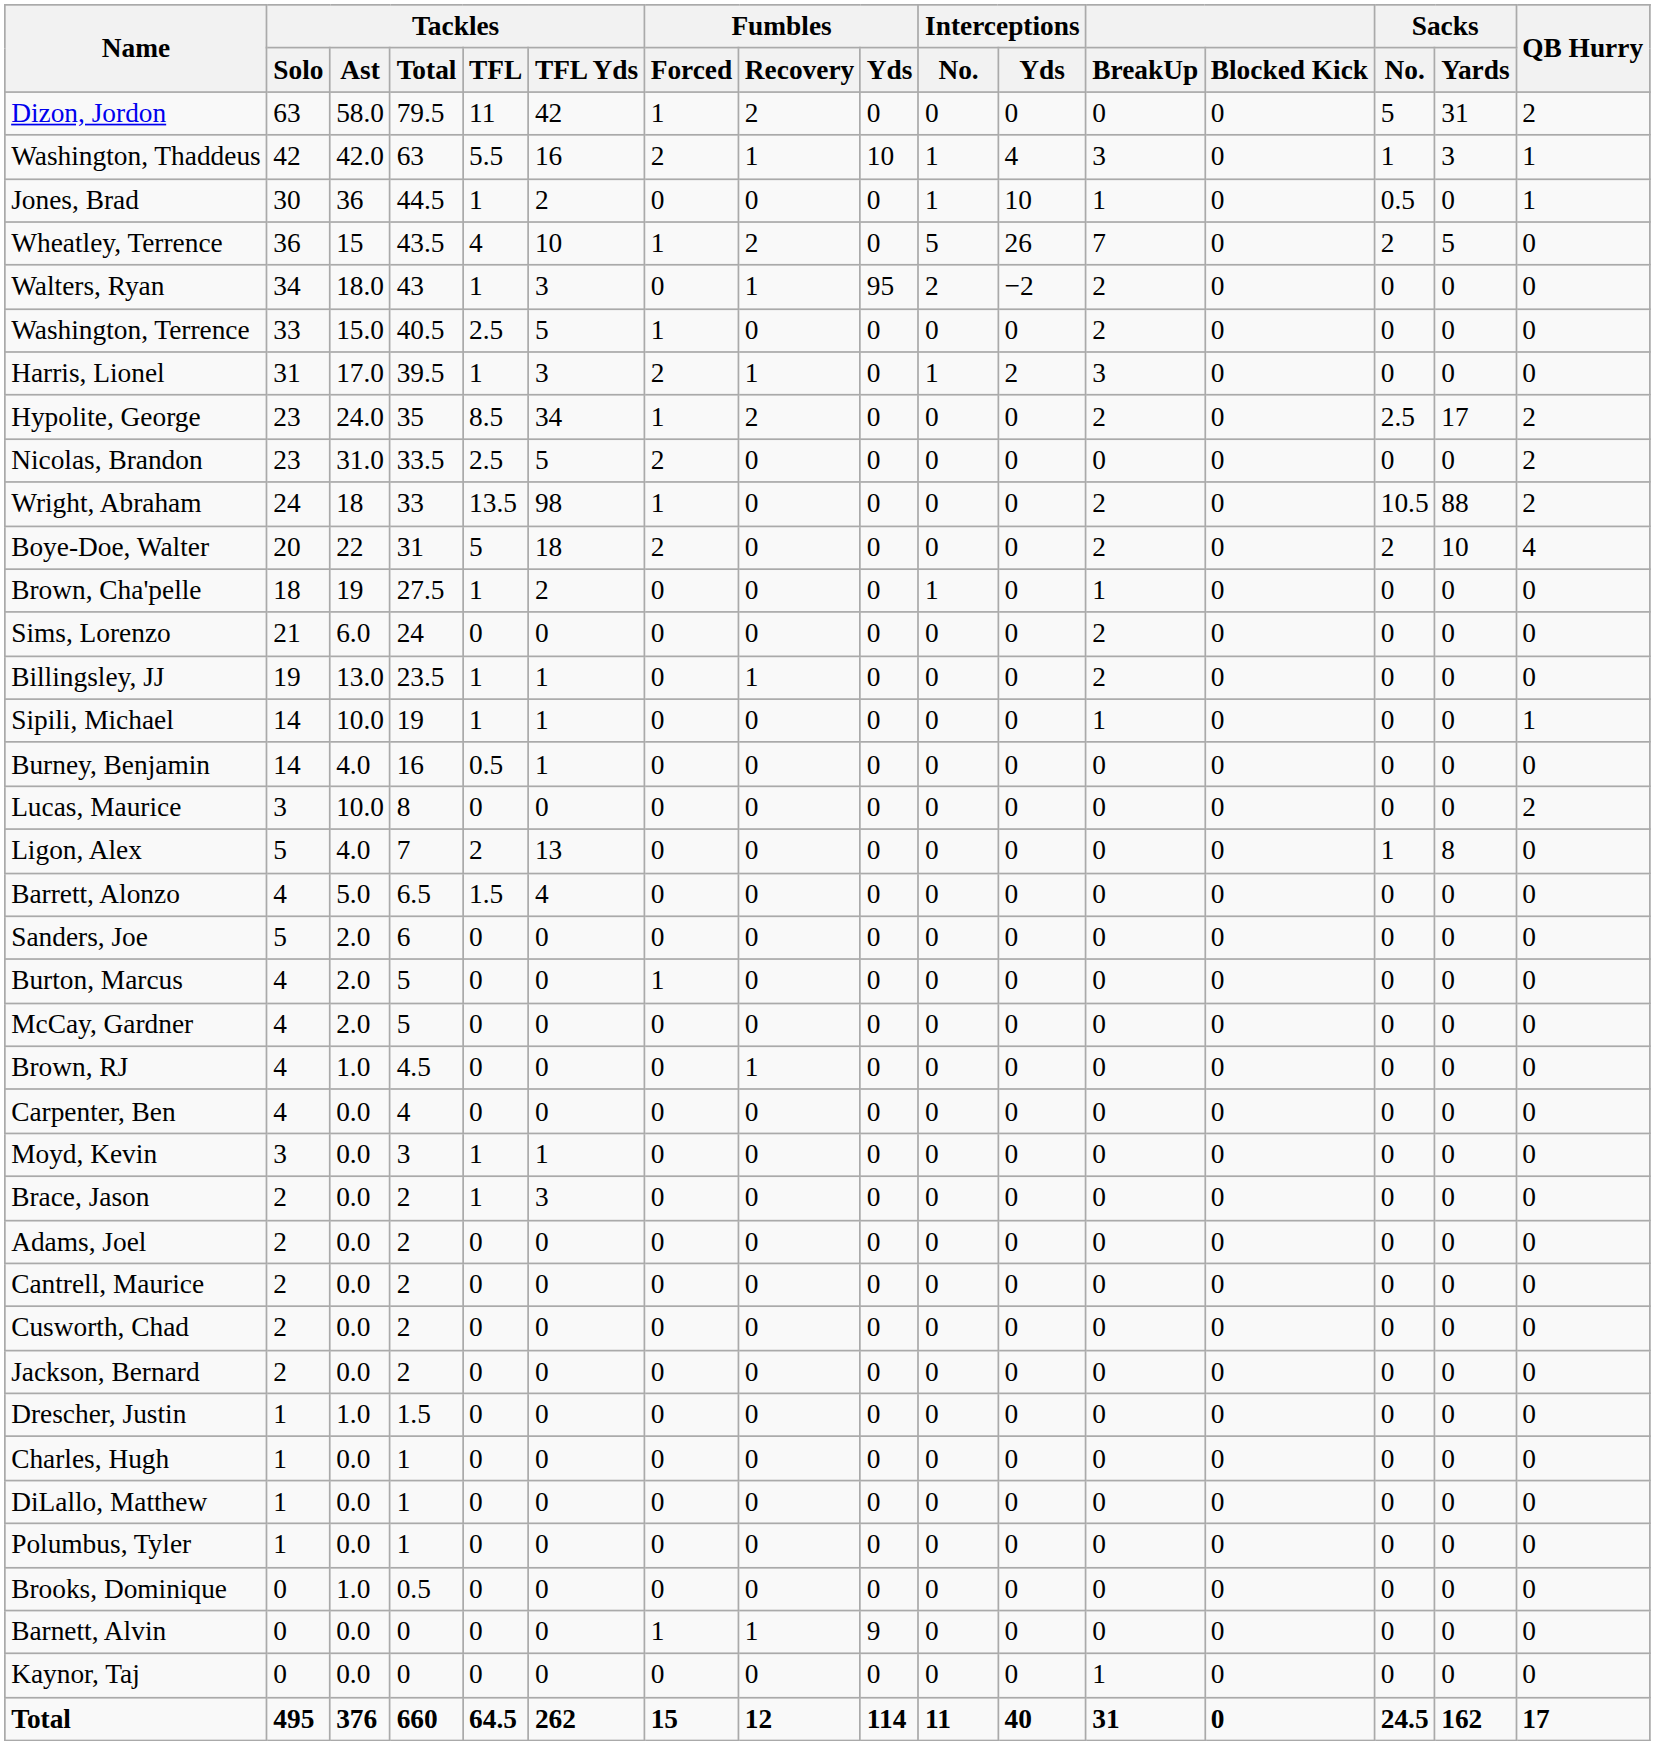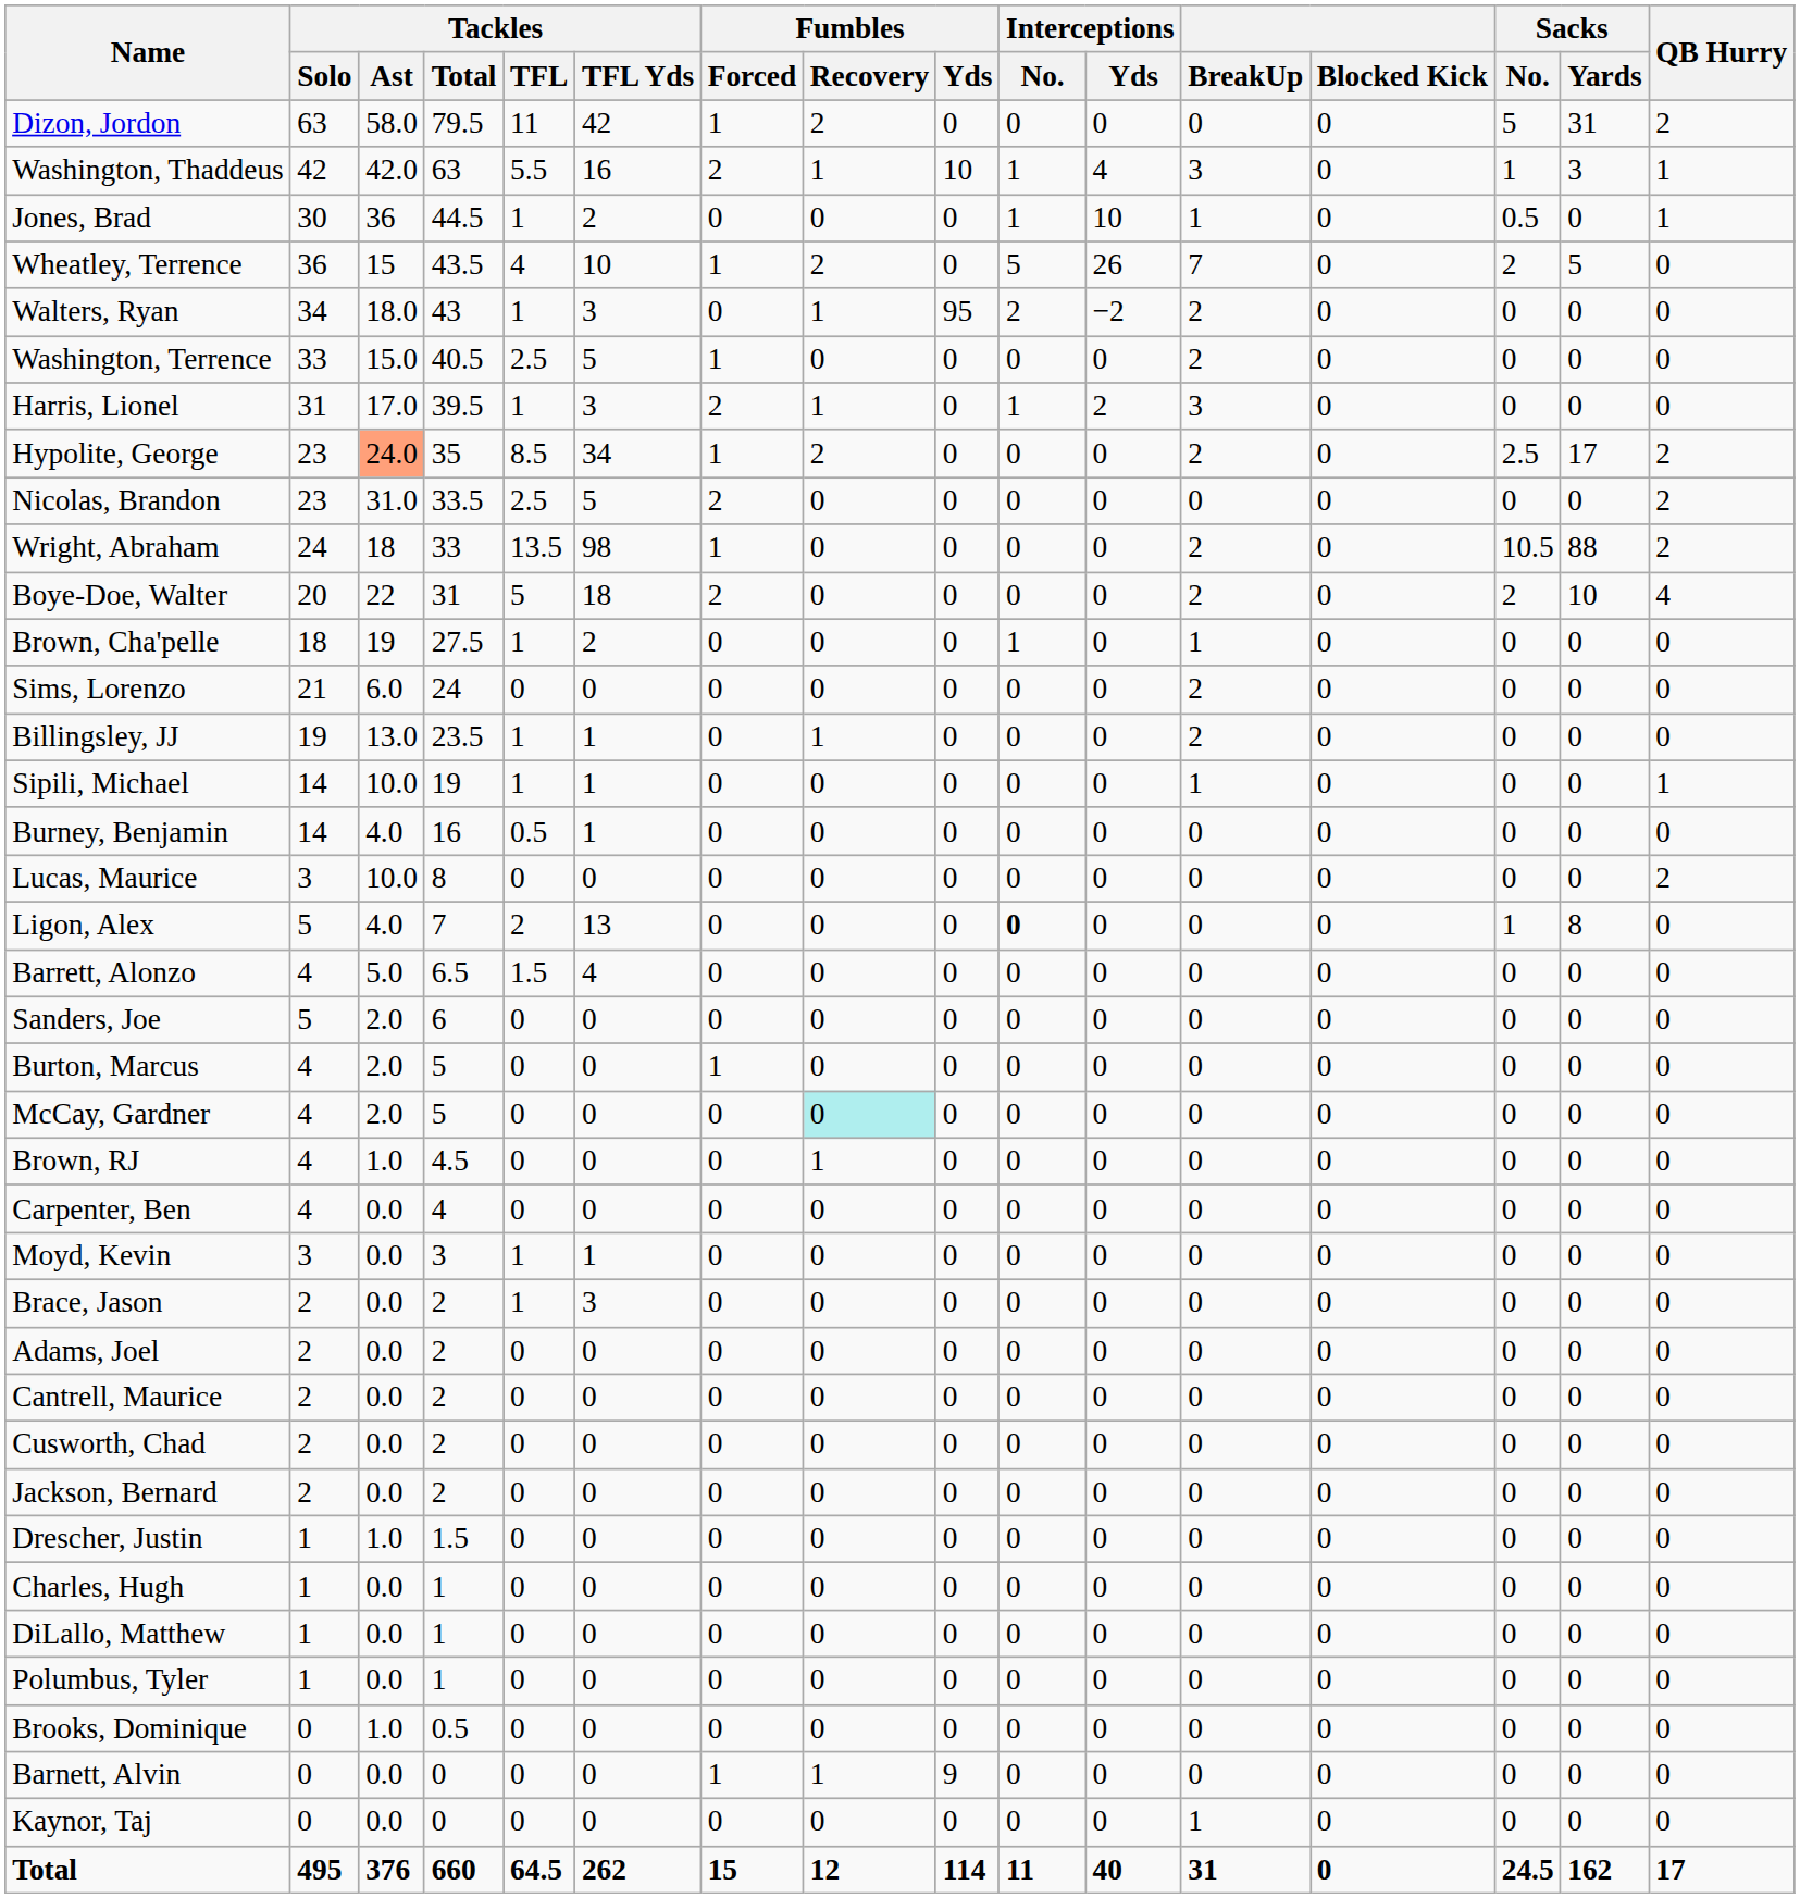 <table class="wikitable" style="white-space:nowrap;">
 <tr>
 <th rowspan="2">Name</th>
 <th colspan="5">Tackles</th>
 <th colspan="3">Fumbles</th>
 <th colspan="2">Interceptions</th>
 <th colspan="2"></th>
 <th colspan="2">Sacks</th>
 <th rowspan="2">QB Hurry</th>
 </tr>
 <tr>
 <th>Solo</th>
 <th>Ast</th>
 <th>Total</th>
 <th>TFL</th>
 <th>TFL Yds</th>
 <th>Forced</th>
 <th>Recovery</th>
 <th>Yds</th>
 <th>No.</th>
 <th>Yds</th>
 <th>BreakUp</th>
 <th>Blocked Kick</th>
 <th>No.</th>
 <th>Yards</th>
 </tr>
 <tr>
 <td><a href='#'>Dizon, Jordon</a></td>
 <td>63</td>
 <td>58.0</td>
 <td>79.5</td>
 <td>11</td>
 <td>42</td>
 <td>1</td>
 <td>2</td>
 <td>0</td>
 <td>0</td>
 <td>0</td>
 <td>0</td>
 <td>0</td>
 <td>5</td>
 <td>31</td>
 <td>2</td>
 </tr>
 <tr>
 <td>Washington, Thaddeus</td>
 <td>42</td>
 <td>42.0</td>
 <td>63</td>
 <td>5.5</td>
 <td>16</td>
 <td>2</td>
 <td>1</td>
 <td>10</td>
 <td>1</td>
 <td>4</td>
 <td>3</td>
 <td>0</td>
 <td>1</td>
 <td>3</td>
 <td>1</td>
 </tr>
 <tr>
 <td>Jones, Brad</td>
 <td>30</td>
 <td>36</td>
 <td>44.5</td>
 <td>1</td>
 <td>2</td>
 <td>0</td>
 <td>0</td>
 <td>0</td>
 <td>1</td>
 <td>10</td>
 <td>1</td>
 <td>0</td>
 <td>0.5</td>
 <td>0</td>
 <td>1</td>
 </tr>
 <tr>
 <td>Wheatley, Terrence</td>
 <td>36</td>
 <td>15</td>
 <td>43.5</td>
 <td>4</td>
 <td>10</td>
 <td>1</td>
 <td>2</td>
 <td>0</td>
 <td>5</td>
 <td>26</td>
 <td>7</td>
 <td>0</td>
 <td>2</td>
 <td>5</td>
 <td>0</td>
 </tr>
 <tr>
 <td>Walters, Ryan</td>
 <td>34</td>
 <td>18.0</td>
 <td>43</td>
 <td>1</td>
 <td>3</td>
 <td>0</td>
 <td>1</td>
 <td>95</td>
 <td>2</td>
 <td>−2</td>
 <td>2</td>
 <td>0</td>
 <td>0</td>
 <td>0</td>
 <td>0</td>
 </tr>
 <tr>
 <td>Washington, Terrence</td>
 <td>33</td>
 <td>15.0</td>
 <td>40.5</td>
 <td>2.5</td>
 <td>5</td>
 <td>1</td>
 <td>0</td>
 <td>0</td>
 <td>0</td>
 <td>0</td>
 <td>2</td>
 <td>0</td>
 <td>0</td>
 <td>0</td>
 <td>0</td>
 </tr>
 <tr>
 <td>Harris, Lionel</td>
 <td>31</td>
 <td>17.0</td>
 <td>39.5</td>
 <td>1</td>
 <td>3</td>
 <td>2</td>
 <td>1</td>
 <td>0</td>
 <td>1</td>
 <td>2</td>
 <td>3</td>
 <td>0</td>
 <td>0</td>
 <td>0</td>
 <td>0</td>
 </tr>
 <tr>
 <td>Hypolite, George</td>
 <td>23</td>
-<td>24.0</td>
+<td style="background: lightsalmon;">24.0</td>
 <td>35</td>
 <td>8.5</td>
 <td>34</td>
 <td>1</td>
 <td>2</td>
 <td>0</td>
 <td>0</td>
 <td>0</td>
 <td>2</td>
 <td>0</td>
 <td>2.5</td>
 <td>17</td>
 <td>2</td>
 </tr>
 <tr>
 <td>Nicolas, Brandon</td>
 <td>23</td>
 <td>31.0</td>
 <td>33.5</td>
 <td>2.5</td>
 <td>5</td>
 <td>2</td>
 <td>0</td>
 <td>0</td>
 <td>0</td>
 <td>0</td>
 <td>0</td>
 <td>0</td>
 <td>0</td>
 <td>0</td>
 <td>2</td>
 </tr>
 <tr>
 <td>Wright, Abraham</td>
 <td>24</td>
 <td>18</td>
 <td>33</td>
 <td>13.5</td>
 <td>98</td>
 <td>1</td>
 <td>0</td>
 <td>0</td>
 <td>0</td>
 <td>0</td>
 <td>2</td>
 <td>0</td>
 <td>10.5</td>
 <td>88</td>
 <td>2</td>
 </tr>
 <tr>
 <td>Boye-Doe, Walter</td>
 <td>20</td>
 <td>22</td>
 <td>31</td>
 <td>5</td>
 <td>18</td>
 <td>2</td>
 <td>0</td>
 <td>0</td>
 <td>0</td>
 <td>0</td>
 <td>2</td>
 <td>0</td>
 <td>2</td>
 <td>10</td>
 <td>4</td>
 </tr>
 <tr>
 <td>Brown, Cha'pelle</td>
 <td>18</td>
 <td>19</td>
 <td>27.5</td>
 <td>1</td>
 <td>2</td>
 <td>0</td>
 <td>0</td>
 <td>0</td>
 <td>1</td>
 <td>0</td>
 <td>1</td>
 <td>0</td>
 <td>0</td>
 <td>0</td>
 <td>0</td>
 </tr>
 <tr>
 <td>Sims, Lorenzo</td>
 <td>21</td>
 <td>6.0</td>
 <td>24</td>
 <td>0</td>
 <td>0</td>
 <td>0</td>
 <td>0</td>
 <td>0</td>
 <td>0</td>
 <td>0</td>
 <td>2</td>
 <td>0</td>
 <td>0</td>
 <td>0</td>
 <td>0</td>
 </tr>
 <tr>
 <td>Billingsley, JJ</td>
 <td>19</td>
 <td>13.0</td>
 <td>23.5</td>
 <td>1</td>
 <td>1</td>
 <td>0</td>
 <td>1</td>
 <td>0</td>
 <td>0</td>
 <td>0</td>
 <td>2</td>
 <td>0</td>
 <td>0</td>
 <td>0</td>
 <td>0</td>
 </tr>
 <tr>
 <td>Sipili, Michael</td>
 <td>14</td>
 <td>10.0</td>
 <td>19</td>
 <td>1</td>
 <td>1</td>
 <td>0</td>
 <td>0</td>
 <td>0</td>
 <td>0</td>
 <td>0</td>
 <td>1</td>
 <td>0</td>
 <td>0</td>
 <td>0</td>
 <td>1</td>
 </tr>
 <tr>
 <td>Burney, Benjamin</td>
 <td>14</td>
 <td>4.0</td>
 <td>16</td>
 <td>0.5</td>
 <td>1</td>
 <td>0</td>
 <td>0</td>
 <td>0</td>
 <td>0</td>
 <td>0</td>
 <td>0</td>
 <td>0</td>
 <td>0</td>
 <td>0</td>
 <td>0</td>
 </tr>
 <tr>
 <td>Lucas, Maurice</td>
 <td>3</td>
 <td>10.0</td>
 <td>8</td>
 <td>0</td>
 <td>0</td>
 <td>0</td>
 <td>0</td>
 <td>0</td>
 <td>0</td>
 <td>0</td>
 <td>0</td>
 <td>0</td>
 <td>0</td>
 <td>0</td>
 <td>2</td>
 </tr>
 <tr>
 <td>Ligon, Alex</td>
 <td>5</td>
 <td>4.0</td>
 <td>7</td>
 <td>2</td>
 <td>13</td>
 <td>0</td>
 <td>0</td>
 <td>0</td>
-<td>0</td>
+<td><strong>0</strong></td>
 <td>0</td>
 <td>0</td>
 <td>0</td>
 <td>1</td>
 <td>8</td>
 <td>0</td>
 </tr>
 <tr>
 <td>Barrett, Alonzo</td>
 <td>4</td>
 <td>5.0</td>
 <td>6.5</td>
 <td>1.5</td>
 <td>4</td>
 <td>0</td>
 <td>0</td>
 <td>0</td>
 <td>0</td>
 <td>0</td>
 <td>0</td>
 <td>0</td>
 <td>0</td>
 <td>0</td>
 <td>0</td>
 </tr>
 <tr>
 <td>Sanders, Joe</td>
 <td>5</td>
 <td>2.0</td>
 <td>6</td>
 <td>0</td>
 <td>0</td>
 <td>0</td>
 <td>0</td>
 <td>0</td>
 <td>0</td>
 <td>0</td>
 <td>0</td>
 <td>0</td>
 <td>0</td>
 <td>0</td>
 <td>0</td>
 </tr>
 <tr>
 <td>Burton, Marcus</td>
 <td>4</td>
 <td>2.0</td>
 <td>5</td>
 <td>0</td>
 <td>0</td>
 <td>1</td>
 <td>0</td>
 <td>0</td>
 <td>0</td>
 <td>0</td>
 <td>0</td>
 <td>0</td>
 <td>0</td>
 <td>0</td>
 <td>0</td>
 </tr>
 <tr>
 <td>McCay, Gardner</td>
 <td>4</td>
 <td>2.0</td>
 <td>5</td>
 <td>0</td>
 <td>0</td>
 <td>0</td>
-<td>0</td>
+<td style="background: paleturquoise;">0</td>
 <td>0</td>
 <td>0</td>
 <td>0</td>
 <td>0</td>
 <td>0</td>
 <td>0</td>
 <td>0</td>
 <td>0</td>
 </tr>
 <tr>
 <td>Brown, RJ</td>
 <td>4</td>
 <td>1.0</td>
 <td>4.5</td>
 <td>0</td>
 <td>0</td>
 <td>0</td>
 <td>1</td>
 <td>0</td>
 <td>0</td>
 <td>0</td>
 <td>0</td>
 <td>0</td>
 <td>0</td>
 <td>0</td>
 <td>0</td>
 </tr>
 <tr>
 <td>Carpenter, Ben</td>
 <td>4</td>
 <td>0.0</td>
 <td>4</td>
 <td>0</td>
 <td>0</td>
 <td>0</td>
 <td>0</td>
 <td>0</td>
 <td>0</td>
 <td>0</td>
 <td>0</td>
 <td>0</td>
 <td>0</td>
 <td>0</td>
 <td>0</td>
 </tr>
 <tr>
 <td>Moyd, Kevin</td>
 <td>3</td>
 <td>0.0</td>
 <td>3</td>
 <td>1</td>
 <td>1</td>
 <td>0</td>
 <td>0</td>
 <td>0</td>
 <td>0</td>
 <td>0</td>
 <td>0</td>
 <td>0</td>
 <td>0</td>
 <td>0</td>
 <td>0</td>
 </tr>
 <tr>
 <td>Brace, Jason</td>
 <td>2</td>
 <td>0.0</td>
 <td>2</td>
 <td>1</td>
 <td>3</td>
 <td>0</td>
 <td>0</td>
 <td>0</td>
 <td>0</td>
 <td>0</td>
 <td>0</td>
 <td>0</td>
 <td>0</td>
 <td>0</td>
 <td>0</td>
 </tr>
 <tr>
 <td>Adams, Joel</td>
 <td>2</td>
 <td>0.0</td>
 <td>2</td>
 <td>0</td>
 <td>0</td>
 <td>0</td>
 <td>0</td>
 <td>0</td>
 <td>0</td>
 <td>0</td>
 <td>0</td>
 <td>0</td>
 <td>0</td>
 <td>0</td>
 <td>0</td>
 </tr>
 <tr>
 <td>Cantrell, Maurice</td>
 <td>2</td>
 <td>0.0</td>
 <td>2</td>
 <td>0</td>
 <td>0</td>
 <td>0</td>
 <td>0</td>
 <td>0</td>
 <td>0</td>
 <td>0</td>
 <td>0</td>
 <td>0</td>
 <td>0</td>
 <td>0</td>
 <td>0</td>
 </tr>
 <tr>
 <td>Cusworth, Chad</td>
 <td>2</td>
 <td>0.0</td>
 <td>2</td>
 <td>0</td>
 <td>0</td>
 <td>0</td>
 <td>0</td>
 <td>0</td>
 <td>0</td>
 <td>0</td>
 <td>0</td>
 <td>0</td>
 <td>0</td>
 <td>0</td>
 <td>0</td>
 </tr>
 <tr>
 <td>Jackson, Bernard</td>
 <td>2</td>
 <td>0.0</td>
 <td>2</td>
 <td>0</td>
 <td>0</td>
 <td>0</td>
 <td>0</td>
 <td>0</td>
 <td>0</td>
 <td>0</td>
 <td>0</td>
 <td>0</td>
 <td>0</td>
 <td>0</td>
 <td>0</td>
 </tr>
 <tr>
 <td>Drescher, Justin</td>
 <td>1</td>
 <td>1.0</td>
 <td>1.5</td>
 <td>0</td>
 <td>0</td>
 <td>0</td>
 <td>0</td>
 <td>0</td>
 <td>0</td>
 <td>0</td>
 <td>0</td>
 <td>0</td>
 <td>0</td>
 <td>0</td>
 <td>0</td>
 </tr>
 <tr>
 <td>Charles, Hugh</td>
 <td>1</td>
 <td>0.0</td>
 <td>1</td>
 <td>0</td>
 <td>0</td>
 <td>0</td>
 <td>0</td>
 <td>0</td>
 <td>0</td>
 <td>0</td>
 <td>0</td>
 <td>0</td>
 <td>0</td>
 <td>0</td>
 <td>0</td>
 </tr>
 <tr>
 <td>DiLallo, Matthew</td>
 <td>1</td>
 <td>0.0</td>
 <td>1</td>
 <td>0</td>
 <td>0</td>
 <td>0</td>
 <td>0</td>
 <td>0</td>
 <td>0</td>
 <td>0</td>
 <td>0</td>
 <td>0</td>
 <td>0</td>
 <td>0</td>
 <td>0</td>
 </tr>
 <tr>
 <td>Polumbus, Tyler</td>
 <td>1</td>
 <td>0.0</td>
 <td>1</td>
 <td>0</td>
 <td>0</td>
 <td>0</td>
 <td>0</td>
 <td>0</td>
 <td>0</td>
 <td>0</td>
 <td>0</td>
 <td>0</td>
 <td>0</td>
 <td>0</td>
 <td>0</td>
 </tr>
 <tr>
 <td>Brooks, Dominique</td>
 <td>0</td>
 <td>1.0</td>
 <td>0.5</td>
 <td>0</td>
 <td>0</td>
 <td>0</td>
 <td>0</td>
 <td>0</td>
 <td>0</td>
 <td>0</td>
 <td>0</td>
 <td>0</td>
 <td>0</td>
 <td>0</td>
 <td>0</td>
 </tr>
 <tr>
 <td>Barnett, Alvin</td>
 <td>0</td>
 <td>0.0</td>
 <td>0</td>
 <td>0</td>
 <td>0</td>
 <td>1</td>
 <td>1</td>
 <td>9</td>
 <td>0</td>
 <td>0</td>
 <td>0</td>
 <td>0</td>
 <td>0</td>
 <td>0</td>
 <td>0</td>
 </tr>
 <tr>
 <td>Kaynor, Taj</td>
 <td>0</td>
 <td>0.0</td>
 <td>0</td>
 <td>0</td>
 <td>0</td>
 <td>0</td>
 <td>0</td>
 <td>0</td>
 <td>0</td>
 <td>0</td>
 <td>1</td>
 <td>0</td>
 <td>0</td>
 <td>0</td>
 <td>0</td>
 </tr>
 <tr style="font-weight:bold;">
 <td>Total</td>
 <td>495</td>
 <td>376</td>
 <td>660</td>
 <td>64.5</td>
 <td>262</td>
 <td>15</td>
 <td>12</td>
 <td>114</td>
 <td>11</td>
 <td>40</td>
 <td>31</td>
 <td>0</td>
 <td>24.5</td>
 <td>162</td>
 <td>17</td>
 </tr>
 </table>
